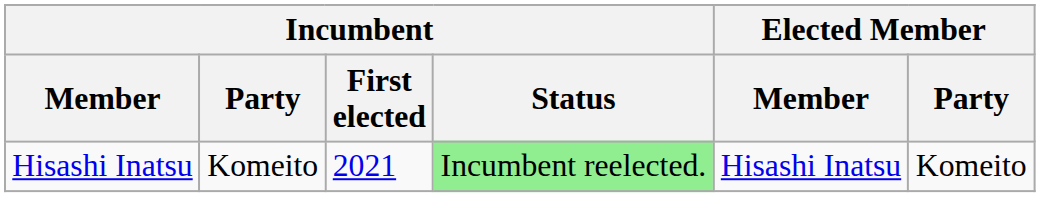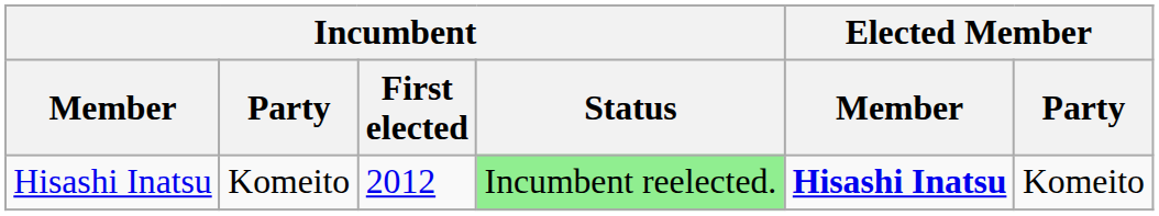 <table class="wikitable sortable">
 <tr>
 <th colspan=4>Incumbent</th>
 <th colspan=2>Elected Member</th>
 </tr>
 <tr>
 <th>Member</th>
 <th>Party</th>
 <th>First<br>elected</th>
 <th>Status</th>
 <th>Member</th>
 <th>Party</th>
 </tr>
 <tr>
 <td><a href='#'>Hisashi Inatsu</a></td>
 <td>Komeito</td>
-<td><a href='#'>2021</a></td>
+<td><a href='#'>2012</a></td>
 <td style="background: lightgreen;">Incumbent reelected.</td>
-<td><a href='#'>Hisashi Inatsu</a></td>
+<td><strong><a href='#'>Hisashi Inatsu</a></strong></td>
 <td>Komeito</td>
 </tr>
 </table>
